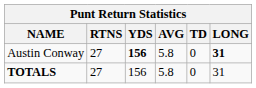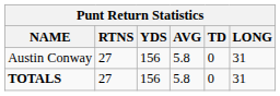 <table class="wikitable sortable collapsible collapsed">
 <tr>
 <th colspan="8">Punt Return Statistics</th>
 </tr>
 <tr>
 <th>NAME</th>
 <th>RTNS</th>
 <th>YDS</th>
 <th>AVG</th>
 <th>TD</th>
 <th>LONG</th>
 </tr>
 <tr>
 <td>Austin Conway</td>
 <td>27</td>
-<td><strong>156</strong></td>
+<td>156</td>
 <td>5.8</td>
 <td>0</td>
-<td><strong>31</strong></td>
+<td>31</td>
 </tr>
 <tr>
 <td><strong>TOTALS</strong></td>
 <td>27</td>
 <td>156</td>
 <td>5.8</td>
 <td>0</td>
 <td>31</td>
 </tr>
 </table>
